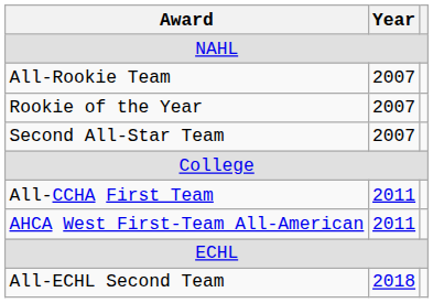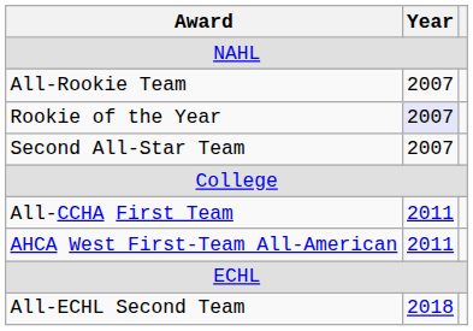 <table class="wikitable">
 <tr>
 <th>Award</th>
 <th>Year</th>
 <th></th>
 </tr>
 <tr ALIGN="center" bgcolor="#e0e0e0">
 <td colspan="3"><a href='#'>NAHL</a></td>
 </tr>
 <tr>
 <td>All-Rookie Team</td>
 <td>2007</td>
 <td></td>
 </tr>
 <tr>
 <td>Rookie of the Year</td>
-<td>2007</td>
+<td style="background: lavender;">2007</td>
 <td></td>
 </tr>
 <tr>
 <td>Second All-Star Team</td>
 <td>2007</td>
 <td></td>
 </tr>
 <tr ALIGN="center" bgcolor="#e0e0e0">
 <td colspan="3"><a href='#'>College</a></td>
 </tr>
 <tr>
 <td>All-<a href='#'>CCHA</a> <a href='#'>First Team</a></td>
 <td><a href='#'>2011</a></td>
 <td></td>
 </tr>
 <tr>
 <td><a href='#'>AHCA</a> <a href='#'>West First-Team All-American</a></td>
 <td><a href='#'>2011</a></td>
 <td></td>
 </tr>
 <tr ALIGN="center" bgcolor="#e0e0e0">
 <td colspan="3"><a href='#'>ECHL</a></td>
 </tr>
 <tr>
 <td>All-ECHL Second Team</td>
 <td><a href='#'>2018</a></td>
 <td></td>
 </tr>
 </table>
